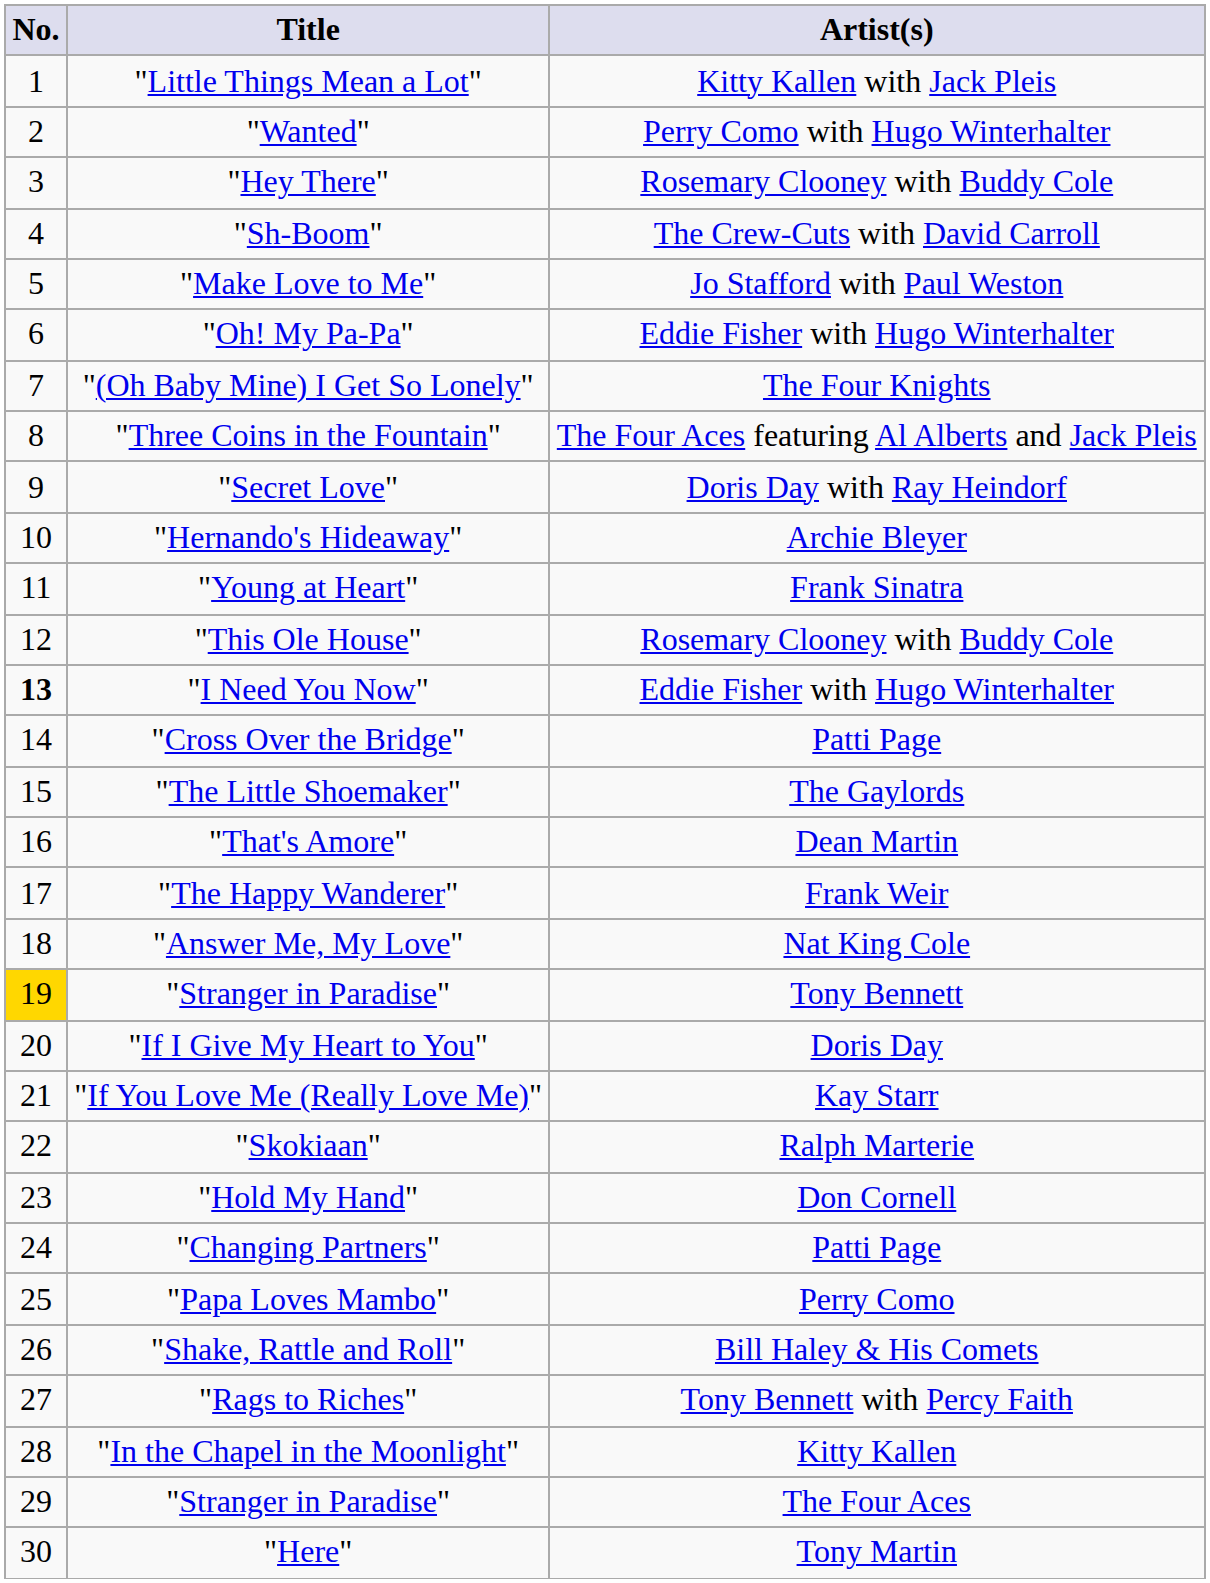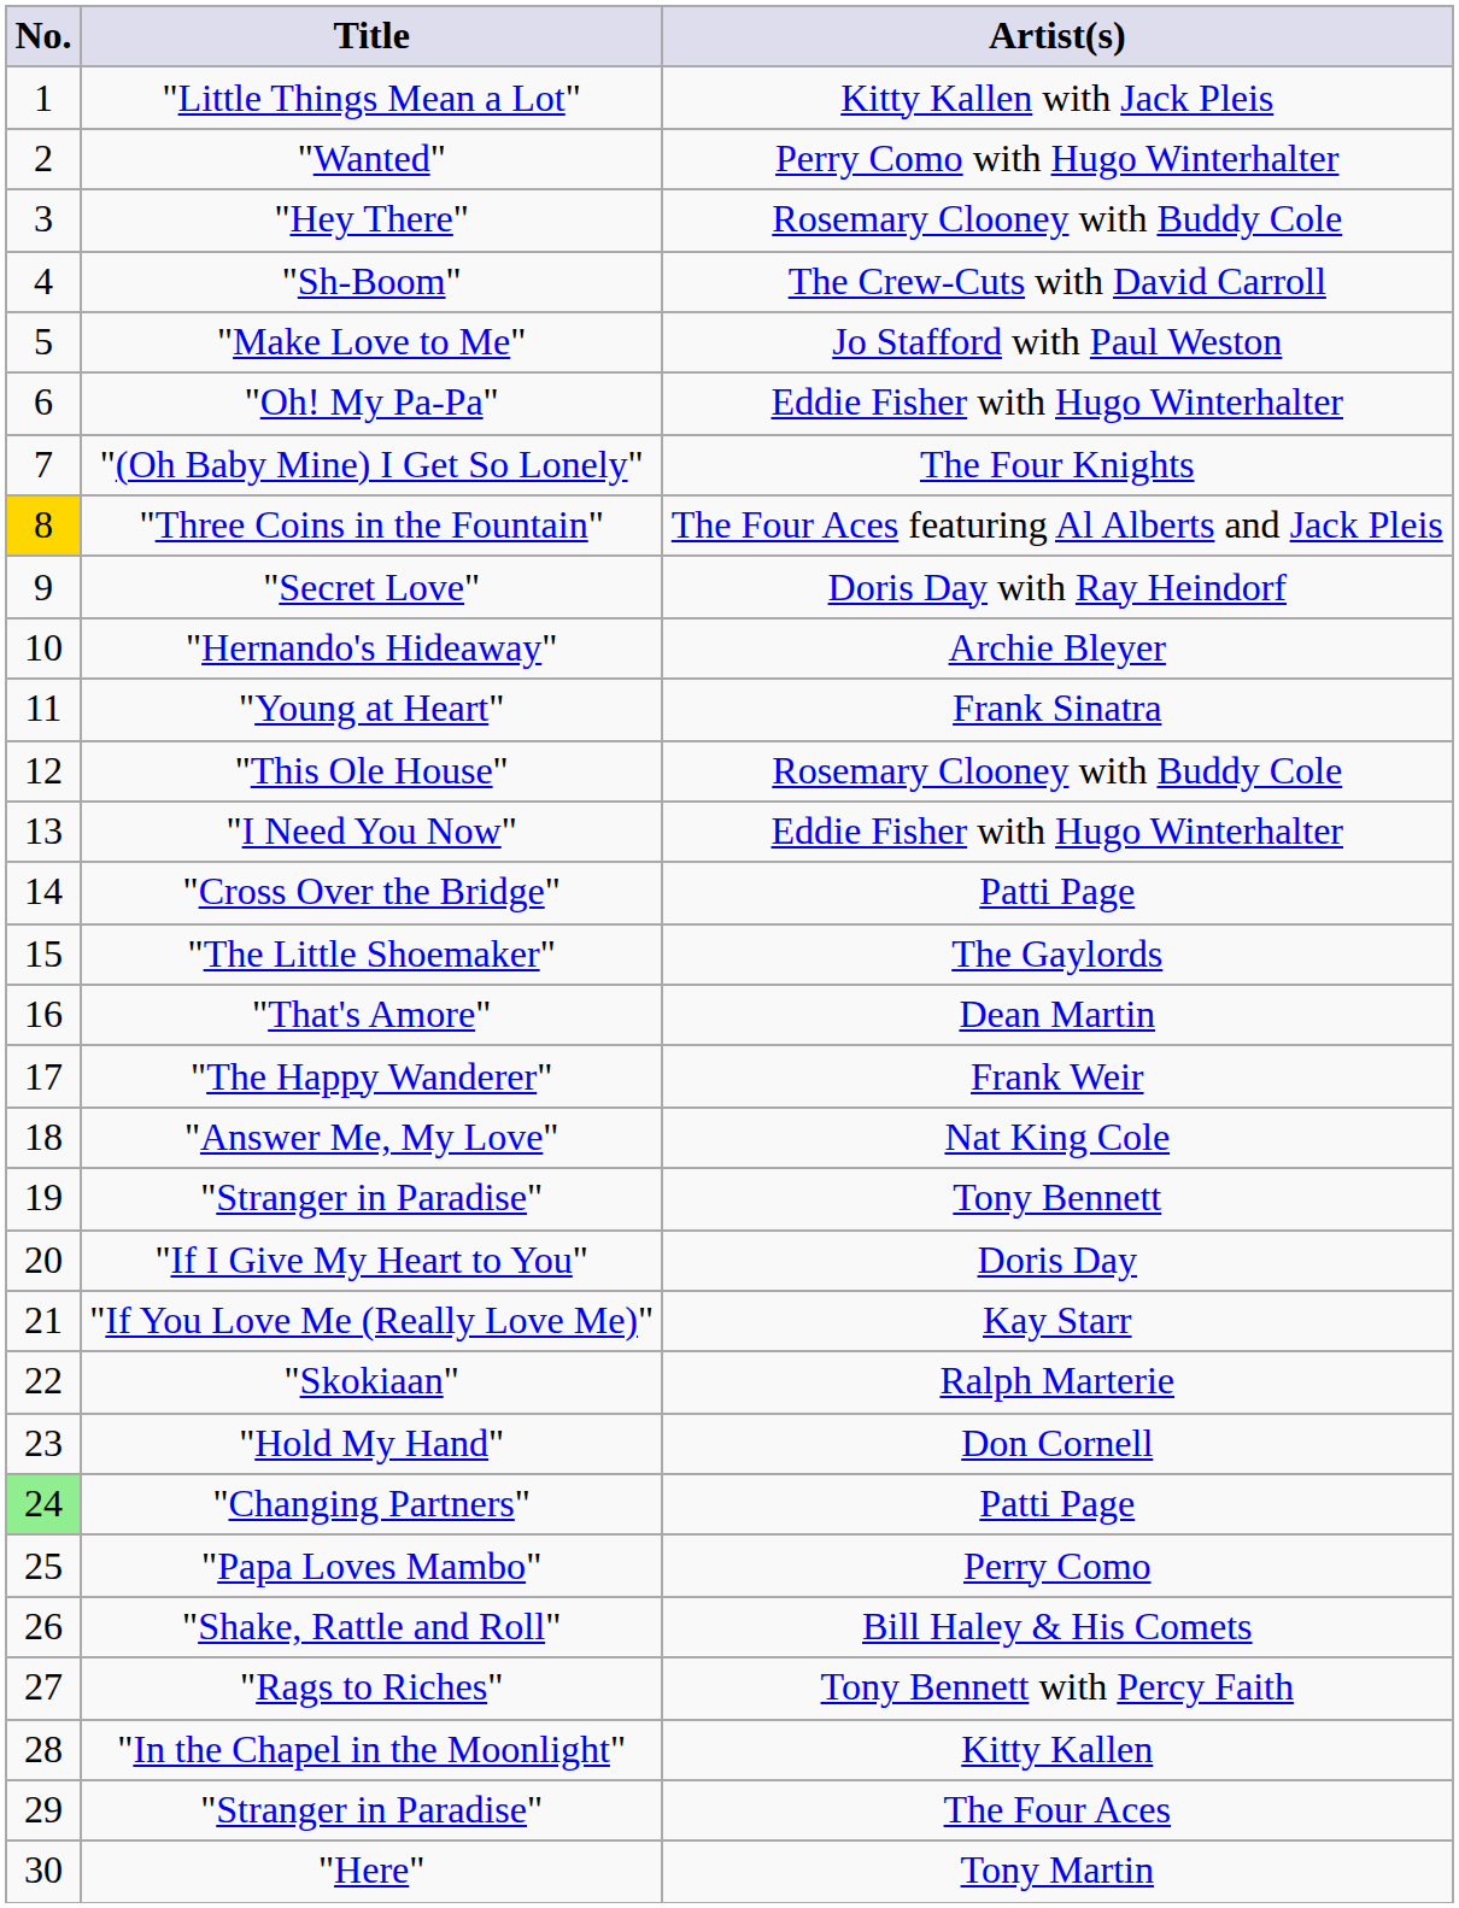 <table class="wikitable sortable" style="text-align: center">
 <tr>
 <th scope="col" style="background:#dde;">No.</th>
 <th scope="col" style="background:#dde;">Title</th>
 <th scope="col" style="background:#dde;">Artist(s)</th>
 </tr>
 <tr>
 <td>1</td>
 <td>"<a href='#'>Little Things Mean a Lot</a>"</td>
 <td><a href='#'>Kitty Kallen</a> with <a href='#'>Jack Pleis</a></td>
 </tr>
 <tr>
 <td>2</td>
 <td>"<a href='#'>Wanted</a>"</td>
 <td><a href='#'>Perry Como</a> with <a href='#'>Hugo Winterhalter</a></td>
 </tr>
 <tr>
 <td>3</td>
 <td>"<a href='#'>Hey There</a>"</td>
 <td><a href='#'>Rosemary Clooney</a> with <a href='#'>Buddy Cole</a></td>
 </tr>
 <tr>
 <td>4</td>
 <td>"<a href='#'>Sh-Boom</a>"</td>
 <td><a href='#'>The Crew-Cuts</a> with <a href='#'>David Carroll</a></td>
 </tr>
 <tr>
 <td>5</td>
 <td>"<a href='#'>Make Love to Me</a>"</td>
 <td><a href='#'>Jo Stafford</a> with <a href='#'>Paul Weston</a></td>
 </tr>
 <tr>
 <td>6</td>
 <td>"<a href='#'>Oh! My Pa-Pa</a>"</td>
 <td><a href='#'>Eddie Fisher</a> with <a href='#'>Hugo Winterhalter</a></td>
 </tr>
 <tr>
 <td>7</td>
 <td>"<a href='#'>(Oh Baby Mine) I Get So Lonely</a>"</td>
 <td><a href='#'>The Four Knights</a></td>
 </tr>
 <tr>
-<td>8</td>
+<td style="background: gold;">8</td>
 <td>"<a href='#'>Three Coins in the Fountain</a>"</td>
 <td><a href='#'>The Four Aces</a> featuring <a href='#'>Al Alberts</a> and <a href='#'>Jack Pleis</a></td>
 </tr>
 <tr>
 <td>9</td>
 <td>"<a href='#'>Secret Love</a>"</td>
 <td><a href='#'>Doris Day</a> with <a href='#'>Ray Heindorf</a></td>
 </tr>
 <tr>
 <td>10</td>
 <td>"<a href='#'>Hernando's Hideaway</a>"</td>
 <td><a href='#'>Archie Bleyer</a></td>
 </tr>
 <tr>
 <td>11</td>
 <td>"<a href='#'>Young at Heart</a>"</td>
 <td><a href='#'>Frank Sinatra</a></td>
 </tr>
 <tr>
 <td>12</td>
 <td>"<a href='#'>This Ole House</a>"</td>
 <td><a href='#'>Rosemary Clooney</a> with <a href='#'>Buddy Cole</a></td>
 </tr>
 <tr>
-<td><strong>13</strong></td>
+<td>13</td>
 <td>"<a href='#'>I Need You Now</a>"</td>
 <td><a href='#'>Eddie Fisher</a> with <a href='#'>Hugo Winterhalter</a></td>
 </tr>
 <tr>
 <td>14</td>
 <td>"<a href='#'>Cross Over the Bridge</a>"</td>
 <td><a href='#'>Patti Page</a></td>
 </tr>
 <tr>
 <td>15</td>
 <td>"<a href='#'>The Little Shoemaker</a>"</td>
 <td><a href='#'>The Gaylords</a></td>
 </tr>
 <tr>
 <td>16</td>
 <td>"<a href='#'>That's Amore</a>"</td>
 <td><a href='#'>Dean Martin</a></td>
 </tr>
 <tr>
 <td>17</td>
 <td>"<a href='#'>The Happy Wanderer</a>"</td>
 <td><a href='#'>Frank Weir</a></td>
 </tr>
 <tr>
 <td>18</td>
 <td>"<a href='#'>Answer Me, My Love</a>"</td>
 <td><a href='#'>Nat King Cole</a></td>
 </tr>
 <tr>
-<td style="background: gold;">19</td>
+<td>19</td>
 <td>"<a href='#'>Stranger in Paradise</a>"</td>
 <td><a href='#'>Tony Bennett</a></td>
 </tr>
 <tr>
 <td>20</td>
 <td>"<a href='#'>If I Give My Heart to You</a>"</td>
 <td><a href='#'>Doris Day</a></td>
 </tr>
 <tr>
 <td>21</td>
 <td>"<a href='#'>If You Love Me (Really Love Me)</a>"</td>
 <td><a href='#'>Kay Starr</a></td>
 </tr>
 <tr>
 <td>22</td>
 <td>"<a href='#'>Skokiaan</a>"</td>
 <td><a href='#'>Ralph Marterie</a></td>
 </tr>
 <tr>
 <td>23</td>
 <td>"<a href='#'>Hold My Hand</a>"</td>
 <td><a href='#'>Don Cornell</a></td>
 </tr>
 <tr>
-<td>24</td>
+<td style="background: lightgreen;">24</td>
 <td>"<a href='#'>Changing Partners</a>"</td>
 <td><a href='#'>Patti Page</a></td>
 </tr>
 <tr>
 <td>25</td>
 <td>"<a href='#'>Papa Loves Mambo</a>"</td>
 <td><a href='#'>Perry Como</a></td>
 </tr>
 <tr>
 <td>26</td>
 <td>"<a href='#'>Shake, Rattle and Roll</a>"</td>
 <td><a href='#'>Bill Haley & His Comets</a></td>
 </tr>
 <tr>
 <td>27</td>
 <td>"<a href='#'>Rags to Riches</a>"</td>
 <td><a href='#'>Tony Bennett</a> with <a href='#'>Percy Faith</a></td>
 </tr>
 <tr>
 <td>28</td>
 <td>"<a href='#'>In the Chapel in the Moonlight</a>"</td>
 <td><a href='#'>Kitty Kallen</a></td>
 </tr>
 <tr>
 <td>29</td>
 <td>"<a href='#'>Stranger in Paradise</a>"</td>
 <td><a href='#'>The Four Aces</a></td>
 </tr>
 <tr>
 <td>30</td>
 <td>"<a href='#'>Here</a>"</td>
 <td><a href='#'>Tony Martin</a></td>
 </tr>
 <tr>
 </tr>
 </table>
